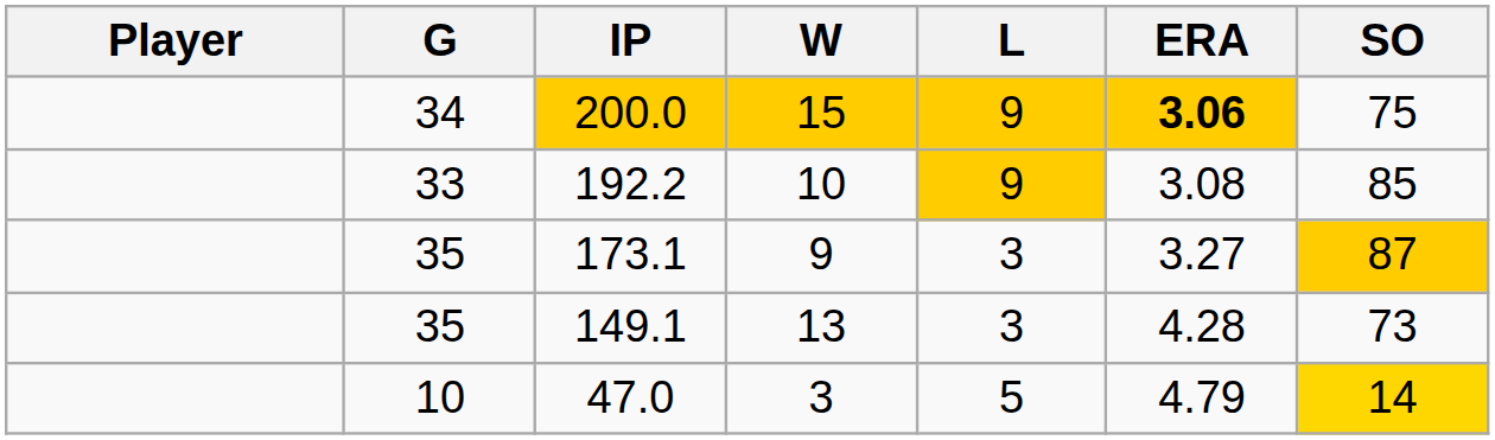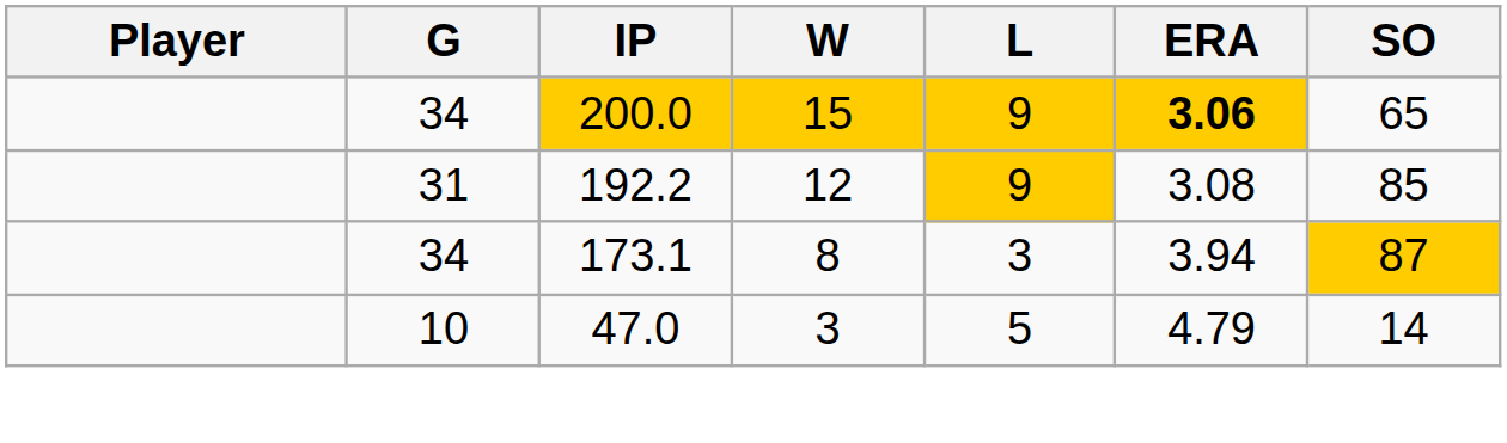 <table class="wikitable sortable">
 <tr>
 <th bgcolor="#DDDDFF" width="16%">Player</th>
 <th bgcolor="#DDDDFF" width="9%">G</th>
 <th bgcolor="#DDDDFF" width="9%">IP</th>
 <th bgcolor="#DDDDFF" width="9%">W</th>
 <th bgcolor="#DDDDFF" width="9%">L</th>
 <th bgcolor="#DDDDFF" width="9%">ERA</th>
 <th bgcolor="#DDDDFF" width="9%">SO</th>
 </tr>
 <tr align="center">
 <td></td>
 <td>34</td>
 <td style="background:#fc0;">200.0</td>
 <td style="background:#fc0;">15</td>
 <td style="background:#fc0;">9</td>
 <td style="background:#fc0;"><strong>3.06</strong></td>
-<td>75</td>
+<td>65</td>
 </tr>
 <tr align="center">
 <td></td>
-<td>33</td>
+<td>31</td>
 <td>192.2</td>
-<td>10</td>
+<td>12</td>
 <td style="background:#fc0;">9</td>
 <td>3.08</td>
 <td>85</td>
 </tr>
 <tr align="center">
 <td></td>
-<td>35</td>
+<td>34</td>
 <td>173.1</td>
-<td>9</td>
+<td>8</td>
 <td>3</td>
-<td>3.27</td>
+<td>3.94</td>
 <td style="background:#fc0;">87</td>
-</tr>
-<tr align="center">
-<td></td>
-<td>35</td>
-<td>149.1</td>
-<td>13</td>
-<td>3</td>
-<td>4.28</td>
-<td>73</td>
 </tr>
 <tr align="center">
 <td></td>
 <td>10</td>
 <td>47.0</td>
 <td>3</td>
 <td>5</td>
 <td>4.79</td>
-<td style="background: gold;">14</td>
+<td>14</td>
 </tr>
 </table>
